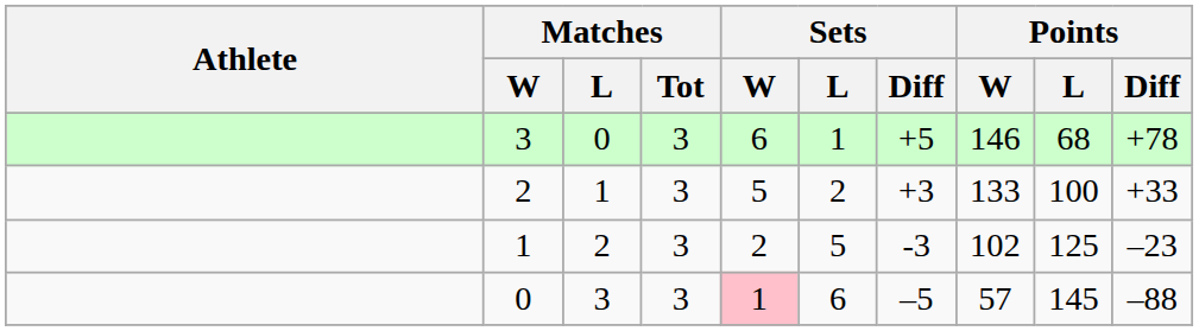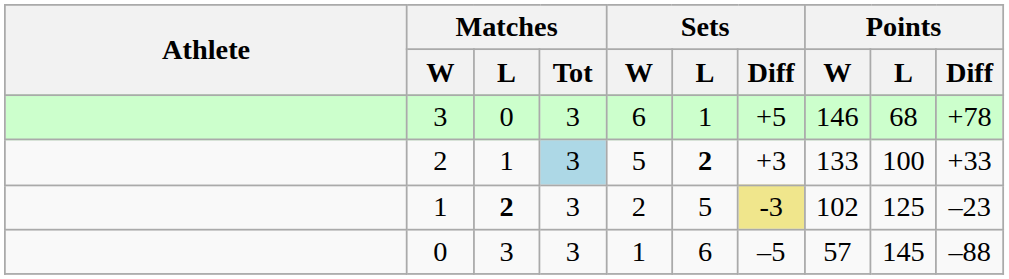 <table class=wikitable style="text-align:center">
 <tr>
 <th rowspan=2 width=220>Athlete</th>
 <th colspan=3 width=90>Matches</th>
 <th colspan=3 width=90>Sets</th>
 <th colspan=3 width=90>Points</th>
 </tr>
 <tr>
 <th width=30>W</th>
 <th width=30>L</th>
 <th width=30>Tot</th>
 <th width=30>W</th>
 <th width=30>L</th>
 <th width=30>Diff</th>
 <th width=30>W</th>
 <th width=30>L</th>
 <th width=30>Diff</th>
 </tr>
 <tr bgcolor=ccffcc>
 <td style="text-align:left"></td>
 <td>3</td>
 <td>0</td>
 <td>3</td>
 <td>6</td>
 <td>1</td>
 <td>+5</td>
 <td>146</td>
 <td>68</td>
 <td>+78</td>
 </tr>
 <tr>
 <td style="text-align:left"></td>
 <td>2</td>
 <td>1</td>
-<td>3</td>
+<td style="background: lightblue;">3</td>
 <td>5</td>
-<td>2</td>
+<td><strong>2</strong></td>
 <td>+3</td>
 <td>133</td>
 <td>100</td>
 <td>+33</td>
 </tr>
 <tr>
 <td style="text-align:left"></td>
 <td>1</td>
-<td>2</td>
+<td><strong>2</strong></td>
 <td>3</td>
 <td>2</td>
 <td>5</td>
-<td>-3</td>
+<td style="background: khaki;">-3</td>
 <td>102</td>
 <td>125</td>
 <td>–23</td>
 </tr>
 <tr>
 <td style="text-align:left"></td>
 <td>0</td>
 <td>3</td>
 <td>3</td>
-<td style="background: pink;">1</td>
+<td>1</td>
 <td>6</td>
 <td>–5</td>
 <td>57</td>
 <td>145</td>
 <td>–88</td>
 </tr>
 </table>
